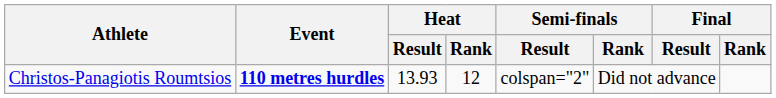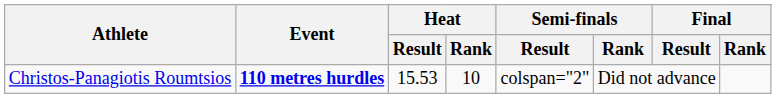 <table class="wikitable" style="font-size:90%; text-align:center">
 <tr>
 <th rowspan="2">Athlete</th>
 <th rowspan="2">Event</th>
 <th colspan="2">Heat</th>
 <th colspan="2">Semi-finals</th>
 <th colspan="2">Final</th>
 </tr>
 <tr>
 <th>Result</th>
 <th>Rank</th>
 <th>Result</th>
 <th>Rank</th>
 <th>Result</th>
 <th>Rank</th>
 </tr>
 <tr>
 <td align="left"><a href='#'>Christos-Panagiotis Roumtsios</a></td>
 <td align="left"><strong><a href='#'>110 metres hurdles</a></strong></td>
-<td>13.93 </td>
-<td>12</td>
+<td>15.53 </td>
+<td>10</td>
 <td>colspan="2" </td>
 <td colspan="2">Did not advance</td>
 </tr>
 </table>
